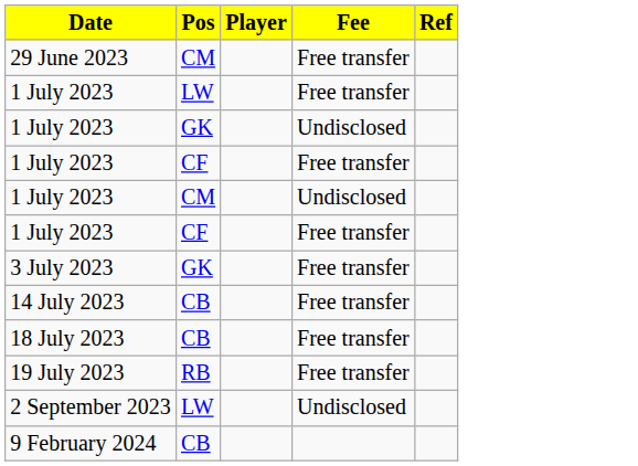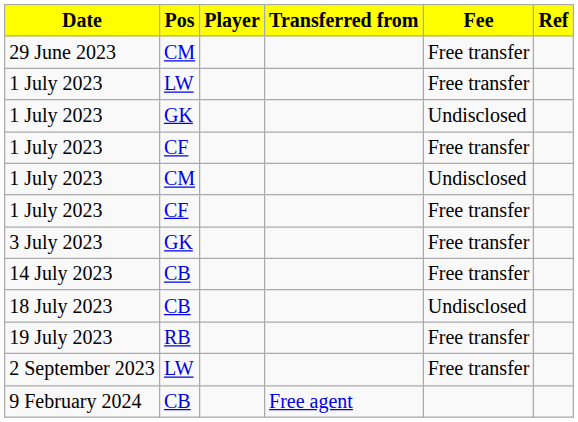 <table class="wikitable plainrowheaders sortable">
 <tr>
 <th style="background-color:yellow;">Date</th>
 <th style="background-color:yellow;">Pos</th>
 <th style="background-color:yellow;">Player</th>
+<th style="background-color:yellow;">Transferred from</th>
 <th style="background-color:yellow;">Fee</th>
 <th style="background-color:yellow;">Ref</th>
 </tr>
 <tr>
 <td>29 June 2023</td>
 <td><a href='#'>CM</a></td>
+<td></td>
 <td></td>
 <td>Free transfer</td>
 <td></td>
 </tr>
 <tr>
 <td>1 July 2023</td>
 <td><a href='#'>LW</a></td>
 <td></td>
+<td></td>
 <td>Free transfer</td>
 <td></td>
 </tr>
 <tr>
 <td>1 July 2023</td>
 <td><a href='#'>GK</a></td>
+<td></td>
 <td></td>
 <td>Undisclosed</td>
 <td></td>
 </tr>
 <tr>
 <td>1 July 2023</td>
 <td><a href='#'>CF</a></td>
 <td></td>
+<td></td>
 <td>Free transfer</td>
 <td></td>
 </tr>
 <tr>
 <td>1 July 2023</td>
 <td><a href='#'>CM</a></td>
+<td></td>
 <td></td>
 <td>Undisclosed</td>
 <td></td>
 </tr>
 <tr>
 <td>1 July 2023</td>
 <td><a href='#'>CF</a></td>
 <td></td>
+<td></td>
 <td>Free transfer</td>
 <td></td>
 </tr>
 <tr>
 <td>3 July 2023</td>
 <td><a href='#'>GK</a></td>
+<td></td>
 <td></td>
 <td>Free transfer</td>
 <td></td>
 </tr>
 <tr>
 <td>14 July 2023</td>
 <td><a href='#'>CB</a></td>
 <td></td>
+<td></td>
 <td>Free transfer</td>
 <td></td>
 </tr>
 <tr>
 <td>18 July 2023</td>
 <td><a href='#'>CB</a></td>
 <td></td>
-<td>Free transfer</td>
+<td></td>
+<td>Undisclosed</td>
 <td></td>
 </tr>
 <tr>
 <td>19 July 2023</td>
 <td><a href='#'>RB</a></td>
+<td></td>
 <td></td>
 <td>Free transfer</td>
 <td></td>
 </tr>
 <tr>
 <td>2 September 2023</td>
 <td><a href='#'>LW</a></td>
 <td></td>
-<td>Undisclosed</td>
+<td></td>
+<td>Free transfer</td>
 <td></td>
 </tr>
 <tr>
 <td>9 February 2024</td>
 <td><a href='#'>CB</a></td>
 <td></td>
+<td><a href='#'>Free agent</a></td>
 <td></td>
 <td></td>
 </tr>
 </table>
